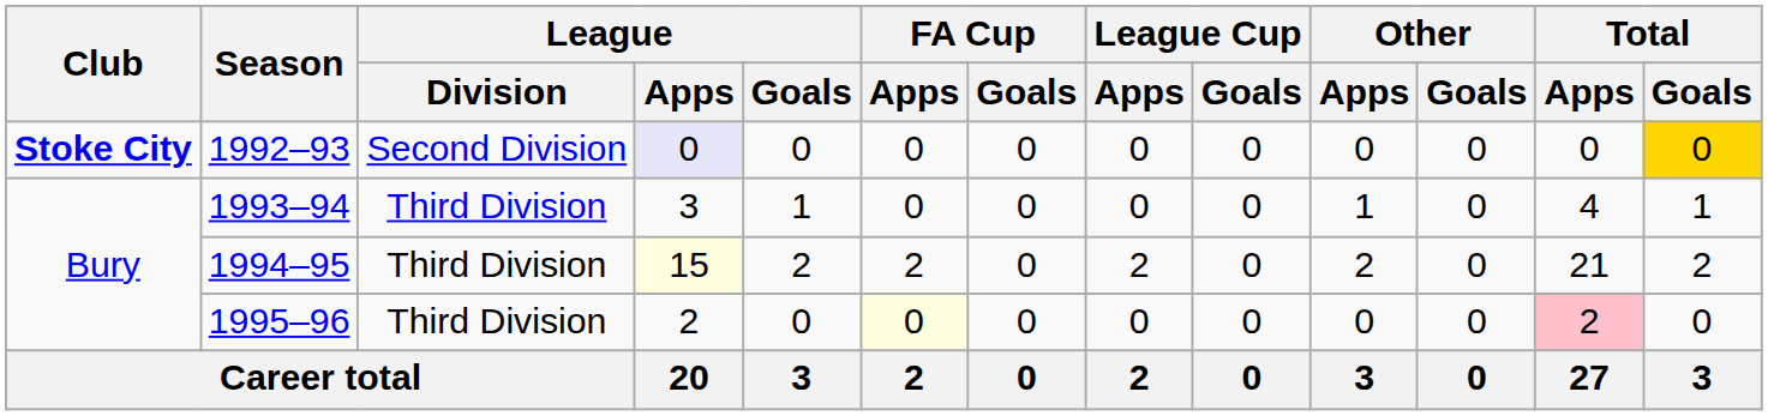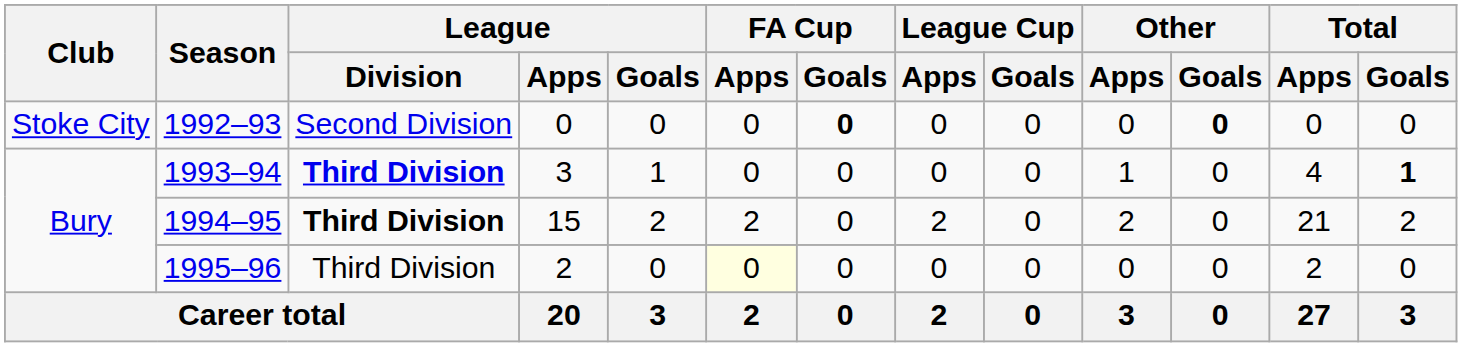 <table class="wikitable" style="text-align: center;">
 <tr>
 <th rowspan="2">Club</th>
 <th rowspan="2">Season</th>
 <th colspan="3">League</th>
 <th colspan="2">FA Cup</th>
 <th colspan="2">League Cup</th>
 <th colspan="2">Other</th>
 <th colspan="2">Total</th>
 </tr>
 <tr>
 <th>Division</th>
 <th>Apps</th>
 <th>Goals</th>
 <th>Apps</th>
 <th>Goals</th>
 <th>Apps</th>
 <th>Goals</th>
 <th>Apps</th>
 <th>Goals</th>
 <th>Apps</th>
 <th>Goals</th>
 </tr>
 <tr>
-<td><strong><a href='#'>Stoke City</a></strong></td>
+<td><a href='#'>Stoke City</a></td>
 <td><a href='#'>1992–93</a></td>
 <td><a href='#'>Second Division</a></td>
-<td style="background: lavender;">0</td>
 <td>0</td>
 <td>0</td>
 <td>0</td>
+<td><strong>0</strong></td>
 <td>0</td>
 <td>0</td>
 <td>0</td>
+<td><strong>0</strong></td>
 <td>0</td>
 <td>0</td>
-<td style="background: gold;">0</td>
 </tr>
 <tr>
 <td rowspan=3><a href='#'>Bury</a></td>
 <td><a href='#'>1993–94</a></td>
-<td><a href='#'>Third Division</a></td>
+<td><strong><a href='#'>Third Division</a></strong></td>
 <td>3</td>
 <td>1</td>
 <td>0</td>
 <td>0</td>
 <td>0</td>
 <td>0</td>
 <td>1</td>
 <td>0</td>
 <td>4</td>
-<td>1</td>
+<td><strong>1</strong></td>
 </tr>
 <tr>
 <td><a href='#'>1994–95</a></td>
-<td>Third Division</td>
-<td style="background: lightyellow;">15</td>
+<td><strong>Third Division</strong></td>
+<td>15</td>
 <td>2</td>
 <td>2</td>
 <td>0</td>
 <td>2</td>
 <td>0</td>
 <td>2</td>
 <td>0</td>
 <td>21</td>
 <td>2</td>
 </tr>
 <tr>
 <td><a href='#'>1995–96</a></td>
 <td>Third Division</td>
 <td>2</td>
 <td>0</td>
 <td style="background: lightyellow;">0</td>
 <td>0</td>
 <td>0</td>
 <td>0</td>
 <td>0</td>
 <td>0</td>
-<td style="background: pink;">2</td>
+<td>2</td>
 <td>0</td>
 </tr>
 <tr>
 <th colspan="3">Career total</th>
 <th>20</th>
 <th>3</th>
 <th>2</th>
 <th>0</th>
 <th>2</th>
 <th>0</th>
 <th>3</th>
 <th>0</th>
 <th>27</th>
 <th>3</th>
 </tr>
 </table>
